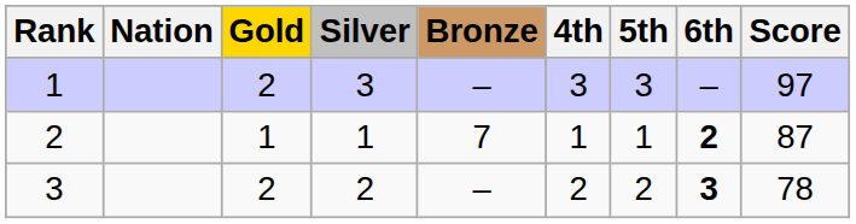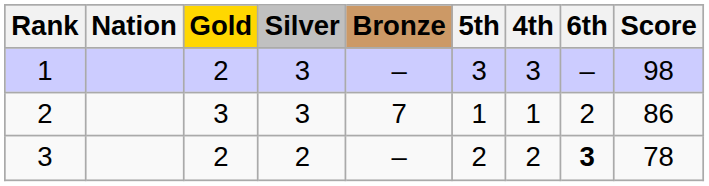 <table class="wikitable sortable" style="text-align:center">
 <tr>
 <th>Rank</th>
 <th>Nation</th>
 <td bgcolor="gold"><strong>Gold</strong></td>
 <td bgcolor="silver"><strong>Silver</strong></td>
 <td bgcolor=cc9966><strong>Bronze</strong></td>
+<th>5th</th>
 <th>4th</th>
-<th>5th</th>
 <th>6th</th>
 <th>Score</th>
 </tr>
 <tr style="background-color:#ccccff">
 <td>1</td>
 <td align=left></td>
 <td>2</td>
 <td>3</td>
 <td>–</td>
 <td>3</td>
 <td>3</td>
 <td>–</td>
-<td>97</td>
+<td>98</td>
 </tr>
 <tr>
 <td>2</td>
 <td align=left></td>
-<td>1</td>
-<td>1</td>
+<td>3</td>
+<td>3</td>
 <td>7</td>
 <td>1</td>
 <td>1</td>
-<td><strong>2</strong></td>
-<td>87</td>
+<td>2</td>
+<td>86</td>
 </tr>
 <tr>
 <td>3</td>
 <td align=left></td>
 <td>2</td>
 <td>2</td>
 <td>–</td>
 <td>2</td>
 <td>2</td>
 <td><strong>3</strong></td>
 <td>78</td>
 </tr>
 </table>
